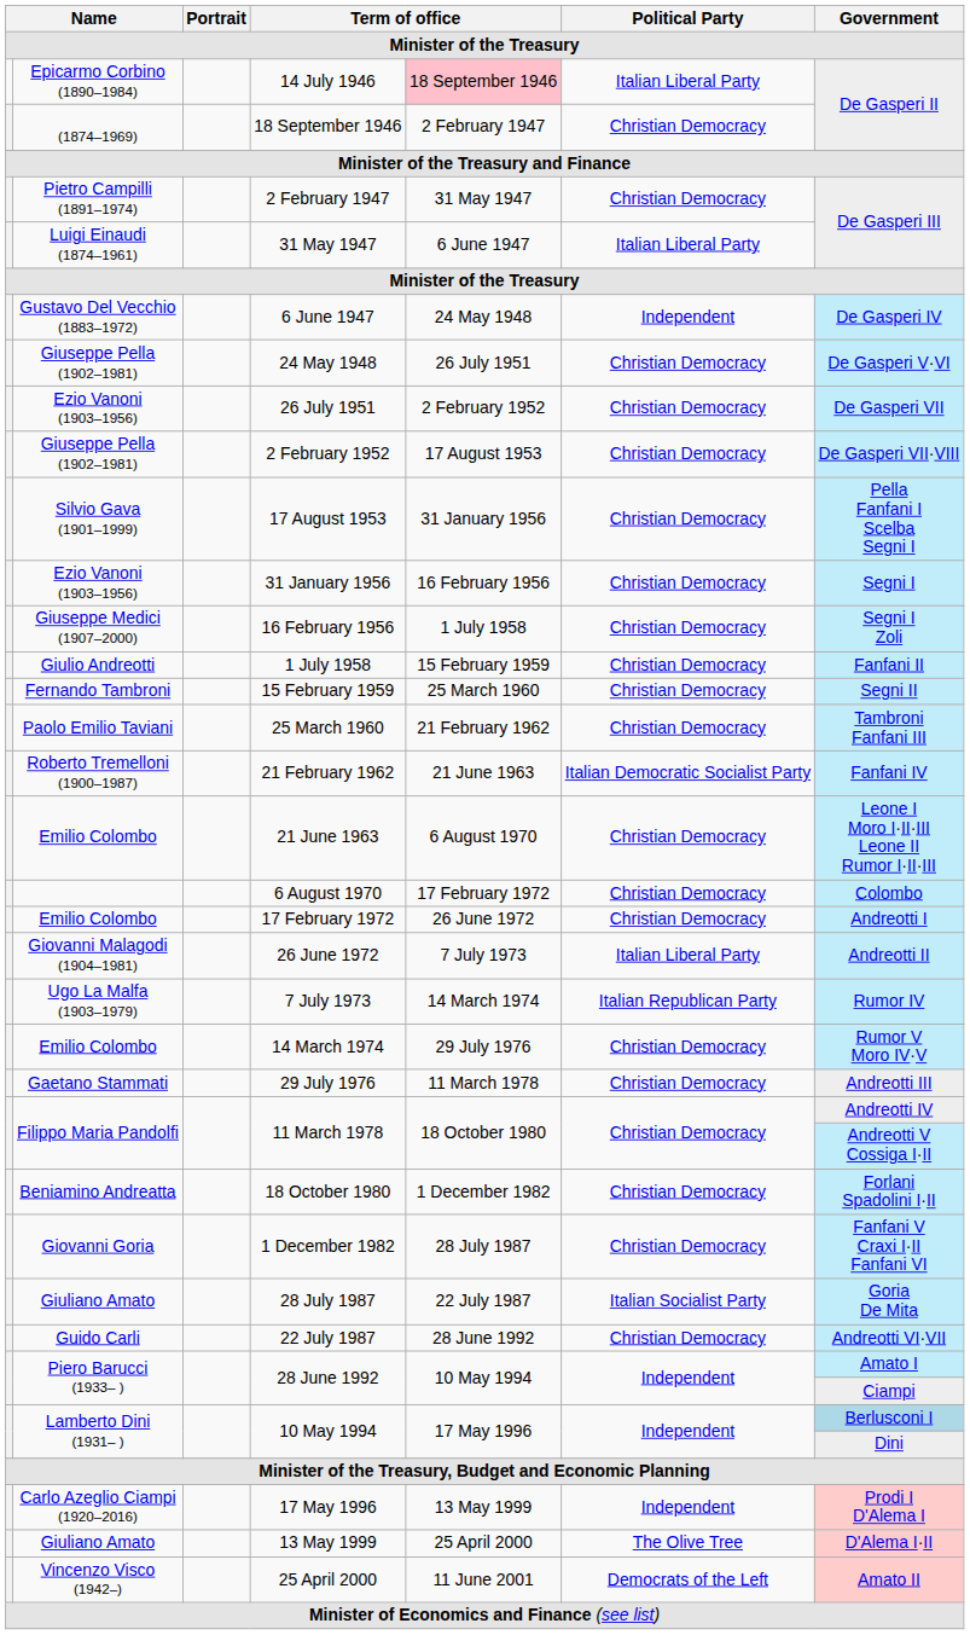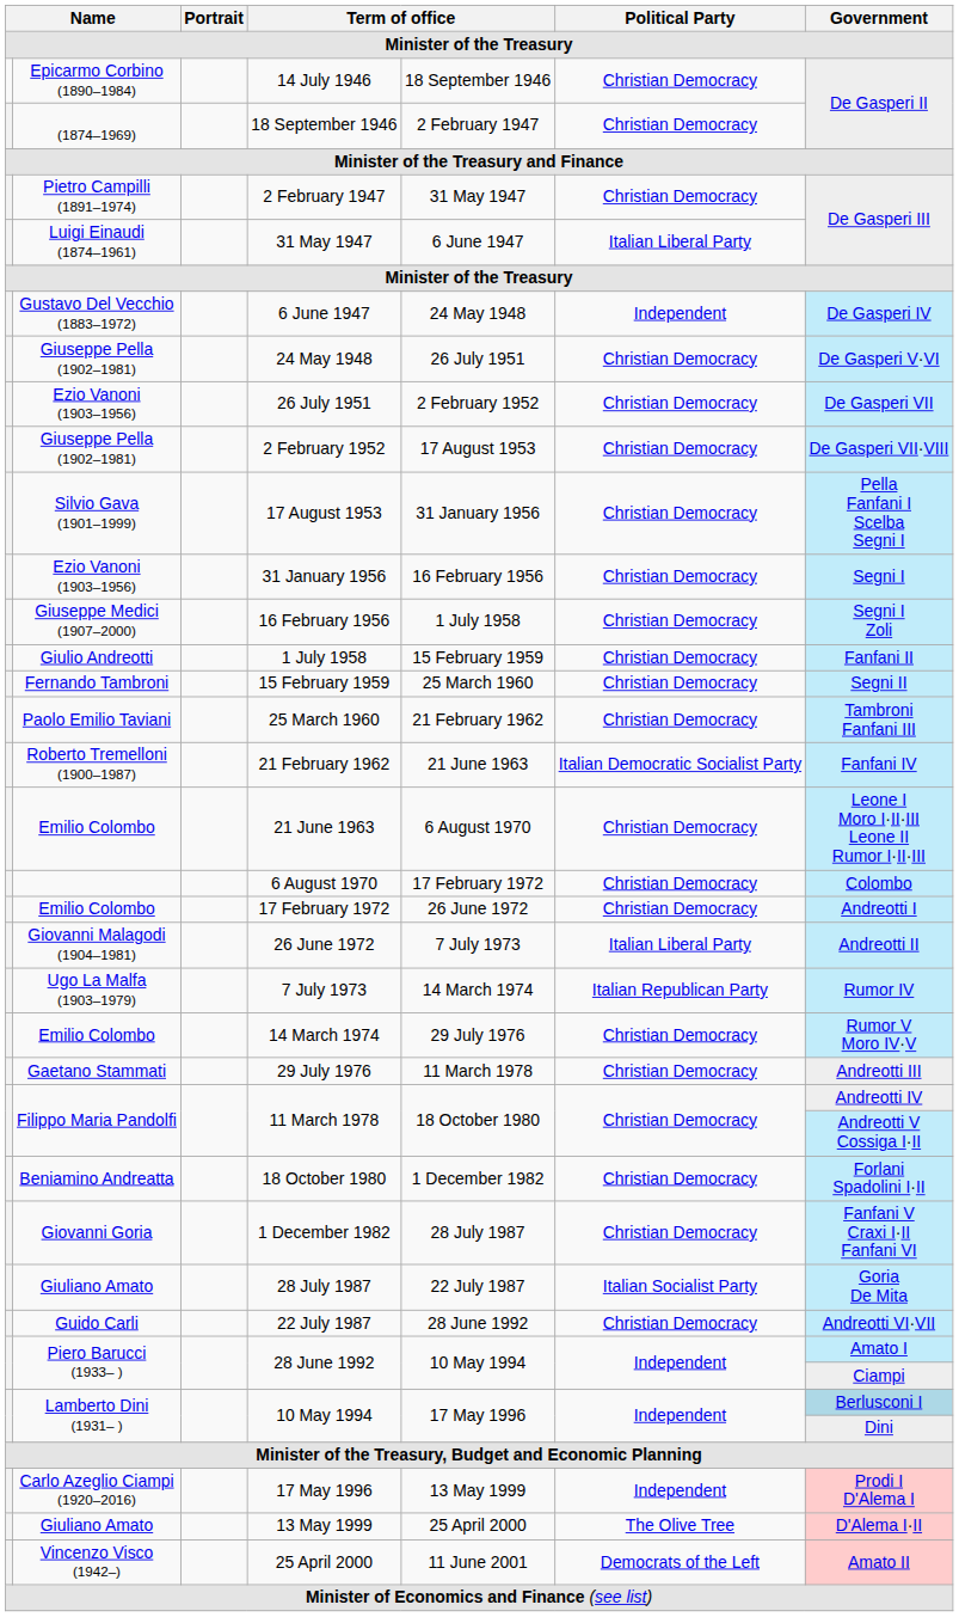 <table class="wikitable" style="text-align:center">
 <tr>
 <th colspan=2>Name<br></th>
 <th>Portrait</th>
 <th colspan=2>Term of office</th>
 <th>Political Party</th>
 <th>Government</th>
 </tr>
 <tr>
 <td style="background:#E4E4E4;" colspan=7><strong>Minister of the Treasury</strong></td>
 </tr>
 <tr>
 <td style="background:"></td>
 <td><a href='#'>Epicarmo Corbino</a><br><small>(1890–1984)</small></td>
 <td></td>
 <td>14 July 1946</td>
-<td style="background: pink;">18 September 1946</td>
-<td><a href='#'>Italian Liberal Party</a></td>
+<td>18 September 1946</td>
+<td><a href='#'>Christian Democracy</a></td>
 <td rowspan=2 bgcolor=#EEEEEE><a href='#'>De Gasperi II</a></td>
 </tr>
 <tr>
 <th style="background:"></th>
 <td><br><small>(1874–1969)</small></td>
 <td></td>
 <td>18 September 1946</td>
 <td>2 February 1947</td>
 <td><a href='#'>Christian Democracy</a></td>
 </tr>
 <tr>
 <td style="background:#E4E4E4;" colspan=7><strong>Minister of the Treasury and Finance</strong></td>
 </tr>
 <tr>
 <th style="background:"></th>
 <td><a href='#'>Pietro Campilli</a><br><small>(1891–1974)</small></td>
 <td></td>
 <td>2 February 1947</td>
 <td>31 May 1947</td>
 <td><a href='#'>Christian Democracy</a></td>
 <td rowspan=2 bgcolor=#EEEEEE><a href='#'>De Gasperi III</a></td>
 </tr>
 <tr>
 <th style="background:"></th>
 <td><a href='#'>Luigi Einaudi</a><br><small>(1874–1961)</small></td>
 <td></td>
 <td>31 May 1947</td>
 <td>6 June 1947</td>
 <td><a href='#'>Italian Liberal Party</a></td>
 </tr>
 <tr>
 <td style="background:#E4E4E4;" colspan=7><strong>Minister of the Treasury</strong></td>
 </tr>
 <tr>
 <th style="background:"></th>
 <td><a href='#'>Gustavo Del Vecchio</a><br><small>(1883–1972)</small></td>
 <td></td>
 <td>6 June 1947</td>
 <td>24 May 1948</td>
 <td><a href='#'>Independent</a></td>
 <td bgcolor=#C1ECFA><a href='#'>De Gasperi IV</a></td>
 </tr>
 <tr>
 <th style="background:"></th>
 <td><a href='#'>Giuseppe Pella</a><br><small>(1902–1981)</small></td>
 <td></td>
 <td>24 May 1948</td>
 <td>26 July 1951</td>
 <td><a href='#'>Christian Democracy</a></td>
 <td bgcolor=#C1ECFA><a href='#'>De Gasperi V</a>·<a href='#'>VI</a></td>
 </tr>
 <tr>
 <th style="background:"></th>
 <td><a href='#'>Ezio Vanoni</a><br><small>(1903–1956)</small></td>
 <td></td>
 <td>26 July 1951</td>
 <td>2 February 1952</td>
 <td><a href='#'>Christian Democracy</a></td>
 <td bgcolor=#C1ECFA><a href='#'>De Gasperi VII</a></td>
 </tr>
 <tr>
 <th style="background:"></th>
 <td><a href='#'>Giuseppe Pella</a><br><small>(1902–1981)</small></td>
 <td></td>
 <td>2 February 1952</td>
 <td>17 August 1953</td>
 <td><a href='#'>Christian Democracy</a></td>
 <td bgcolor=#C1ECFA><a href='#'>De Gasperi VII</a>·<a href='#'>VIII</a></td>
 </tr>
 <tr>
 <th style="background:"></th>
 <td><a href='#'>Silvio Gava</a><br><small>(1901–1999)</small></td>
 <td></td>
 <td>17 August 1953</td>
 <td>31 January 1956</td>
 <td><a href='#'>Christian Democracy</a></td>
 <td bgcolor=#C1ECFA><a href='#'>Pella</a><br><a href='#'>Fanfani I</a><br><a href='#'>Scelba</a><br><a href='#'>Segni I</a></td>
 </tr>
 <tr>
 <th style="background:"></th>
 <td><a href='#'>Ezio Vanoni</a><br><small>(1903–1956)</small></td>
 <td></td>
 <td>31 January 1956</td>
 <td>16 February 1956</td>
 <td><a href='#'>Christian Democracy</a></td>
 <td bgcolor=#C1ECFA><a href='#'>Segni I</a></td>
 </tr>
 <tr>
 <th style="background:"></th>
 <td><a href='#'>Giuseppe Medici</a><br><small>(1907–2000)</small></td>
 <td></td>
 <td>16 February 1956</td>
 <td>1 July 1958</td>
 <td><a href='#'>Christian Democracy</a></td>
 <td bgcolor=#C1ECFA><a href='#'>Segni I</a><br><a href='#'>Zoli</a></td>
 </tr>
 <tr>
 <th style="background:"></th>
 <td><a href='#'>Giulio Andreotti</a><br></td>
 <td></td>
 <td>1 July 1958</td>
 <td>15 February 1959</td>
 <td><a href='#'>Christian Democracy</a></td>
 <td bgcolor=#C1ECFA><a href='#'>Fanfani II</a></td>
 </tr>
 <tr>
 <th style="background:"></th>
 <td><a href='#'>Fernando Tambroni</a><br></td>
 <td></td>
 <td>15 February 1959</td>
 <td>25 March 1960</td>
 <td><a href='#'>Christian Democracy</a></td>
 <td bgcolor=#C1ECFA><a href='#'>Segni II</a></td>
 </tr>
 <tr>
 <th style="background:"></th>
 <td><a href='#'>Paolo Emilio Taviani</a><br></td>
 <td></td>
 <td>25 March 1960</td>
 <td>21 February 1962</td>
 <td><a href='#'>Christian Democracy</a></td>
 <td bgcolor=#C1ECFA><a href='#'>Tambroni</a><br><a href='#'>Fanfani III</a></td>
 </tr>
 <tr>
 <th style="background:"></th>
 <td><a href='#'>Roberto Tremelloni</a><br><small>(1900–1987)</small></td>
 <td></td>
 <td>21 February 1962</td>
 <td>21 June 1963</td>
 <td><a href='#'>Italian Democratic Socialist Party</a></td>
 <td bgcolor=#C1ECFA><a href='#'>Fanfani IV</a></td>
 </tr>
 <tr>
 <th style="background:"></th>
 <td><a href='#'>Emilio Colombo</a><br></td>
 <td></td>
 <td>21 June 1963</td>
 <td>6 August 1970</td>
 <td><a href='#'>Christian Democracy</a></td>
 <td bgcolor=#C1ECFA><a href='#'>Leone I</a><br><a href='#'>Moro I</a>·<a href='#'>II</a>·<a href='#'>III</a><br><a href='#'>Leone II</a><br><a href='#'>Rumor I</a>·<a href='#'>II</a>·<a href='#'>III</a></td>
 </tr>
 <tr>
 <th style="background:"></th>
 <td><br></td>
 <td></td>
 <td>6 August 1970</td>
 <td>17 February 1972</td>
 <td><a href='#'>Christian Democracy</a></td>
 <td bgcolor=#C1ECFA><a href='#'>Colombo</a></td>
 </tr>
 <tr>
 <th style="background:"></th>
 <td><a href='#'>Emilio Colombo</a><br></td>
 <td></td>
 <td>17 February 1972</td>
 <td>26 June 1972</td>
 <td><a href='#'>Christian Democracy</a></td>
 <td bgcolor=#C1ECFA><a href='#'>Andreotti I</a></td>
 </tr>
 <tr>
 <th style="background:"></th>
 <td><a href='#'>Giovanni Malagodi</a><br><small>(1904–1981)</small></td>
 <td></td>
 <td>26 June 1972</td>
 <td>7 July 1973</td>
 <td><a href='#'>Italian Liberal Party</a></td>
 <td bgcolor=#C1ECFA><a href='#'>Andreotti II</a></td>
 </tr>
 <tr>
 <th style="background:"></th>
 <td><a href='#'>Ugo La Malfa</a><br><small>(1903–1979)</small></td>
 <td></td>
 <td>7 July 1973</td>
 <td>14 March 1974</td>
 <td><a href='#'>Italian Republican Party</a></td>
 <td bgcolor=#C1ECFA><a href='#'>Rumor IV</a></td>
 </tr>
 <tr>
 <th style="background:"></th>
 <td><a href='#'>Emilio Colombo</a><br></td>
 <td></td>
 <td>14 March 1974</td>
 <td>29 July 1976</td>
 <td><a href='#'>Christian Democracy</a></td>
 <td bgcolor=#C1ECFA><a href='#'>Rumor V</a><br><a href='#'>Moro IV</a>·<a href='#'>V</a></td>
 </tr>
 <tr>
 <th style="background:"></th>
 <td><a href='#'>Gaetano Stammati</a><br></td>
 <td></td>
 <td>29 July 1976</td>
 <td>11 March 1978</td>
 <td><a href='#'>Christian Democracy</a></td>
 <td bgcolor=#EEEEEE><a href='#'>Andreotti III</a></td>
 </tr>
 <tr>
 <th rowspan=2 style="background:"></th>
 <td rowspan=2><a href='#'>Filippo Maria Pandolfi</a><br></td>
 <td rowspan=2></td>
 <td rowspan=2>11 March 1978</td>
 <td rowspan=2>18 October 1980</td>
 <td rowspan=2><a href='#'>Christian Democracy</a></td>
 <td bgcolor=#EEEEEE><a href='#'>Andreotti IV</a></td>
 </tr>
 <tr>
 <td bgcolor=#C1ECFA><a href='#'>Andreotti V</a><br><a href='#'>Cossiga I</a>·<a href='#'>II</a></td>
 </tr>
 <tr>
 <th style="background:"></th>
 <td><a href='#'>Beniamino Andreatta</a><br></td>
 <td></td>
 <td>18 October 1980</td>
 <td>1 December 1982</td>
 <td><a href='#'>Christian Democracy</a></td>
 <td bgcolor=#C1ECFA><a href='#'>Forlani</a><br><a href='#'>Spadolini I</a>·<a href='#'>II</a></td>
 </tr>
 <tr>
 <th style="background:"></th>
 <td><a href='#'>Giovanni Goria</a><br></td>
 <td></td>
 <td>1 December 1982</td>
 <td>28 July 1987</td>
 <td><a href='#'>Christian Democracy</a></td>
 <td bgcolor=#C1ECFA><a href='#'>Fanfani V</a><br><a href='#'>Craxi I</a>·<a href='#'>II</a><br><a href='#'>Fanfani VI</a></td>
 </tr>
 <tr>
 <th style="background:"></th>
 <td><a href='#'>Giuliano Amato</a><br></td>
 <td></td>
 <td>28 July 1987</td>
 <td>22 July 1987</td>
 <td><a href='#'>Italian Socialist Party</a></td>
 <td bgcolor=#C1ECFA><a href='#'>Goria</a><br><a href='#'>De Mita</a></td>
 </tr>
 <tr>
 <th style="background:"></th>
 <td><a href='#'>Guido Carli</a><br></td>
 <td></td>
 <td>22 July 1987</td>
 <td>28 June 1992</td>
 <td><a href='#'>Christian Democracy</a></td>
 <td bgcolor=#C1ECFA><a href='#'>Andreotti VI</a>·<a href='#'>VII</a></td>
 </tr>
 <tr>
 <th rowspan=2 style="background:"></th>
 <td rowspan=2><a href='#'>Piero Barucci</a><br><small>(1933– )</small></td>
 <td rowspan=2></td>
 <td rowspan=2>28 June 1992</td>
 <td rowspan=2>10 May 1994</td>
 <td rowspan=2><a href='#'>Independent</a></td>
 <td bgcolor=#C1ECFA><a href='#'>Amato I</a></td>
 </tr>
 <tr>
 <td bgcolor=#EEEEEE><a href='#'>Ciampi</a></td>
 </tr>
 <tr>
 <th rowspan=2 style="background:"></th>
 <td rowspan=2><a href='#'>Lamberto Dini</a><br><small>(1931– )</small></td>
 <td rowspan=2></td>
 <td rowspan=2>10 May 1994</td>
 <td rowspan=2>17 May 1996</td>
 <td rowspan=2><a href='#'>Independent</a></td>
 <td bgcolor=#ADD8E6><a href='#'>Berlusconi I</a></td>
 </tr>
 <tr>
 <td bgcolor=#EEEEEE><a href='#'>Dini</a></td>
 </tr>
 <tr>
 <td style="background:#E4E4E4;" colspan=7><strong>Minister of the Treasury, Budget and Economic Planning</strong></td>
 </tr>
 <tr>
 <th style="background:"></th>
 <td><a href='#'>Carlo Azeglio Ciampi</a><br><small>(1920–2016)</small></td>
 <td></td>
 <td>17 May 1996</td>
 <td>13 May 1999</td>
 <td><a href='#'>Independent</a></td>
 <td bgcolor=#FFCCCC><a href='#'>Prodi I</a><br><a href='#'>D'Alema I</a></td>
 </tr>
 <tr>
 <th style="background:"></th>
 <td><a href='#'>Giuliano Amato</a><br></td>
 <td></td>
 <td>13 May 1999</td>
 <td>25 April 2000</td>
 <td><a href='#'>The Olive Tree</a></td>
 <td bgcolor=#FFCCCC><a href='#'>D'Alema I</a>·<a href='#'>II</a></td>
 </tr>
 <tr>
 <th style="background:"></th>
 <td><a href='#'>Vincenzo Visco</a><br><small>(1942–)</small></td>
 <td></td>
 <td>25 April 2000</td>
 <td>11 June 2001</td>
 <td><a href='#'>Democrats of the Left</a></td>
 <td bgcolor=#FFCCCC><a href='#'>Amato II</a></td>
 </tr>
 <tr>
 <td style="background:#E4E4E4;" colspan=7><strong>Minister of Economics and Finance</strong> <em>(<a href='#'>see list</a>)</em></td>
 </tr>
 </table>
